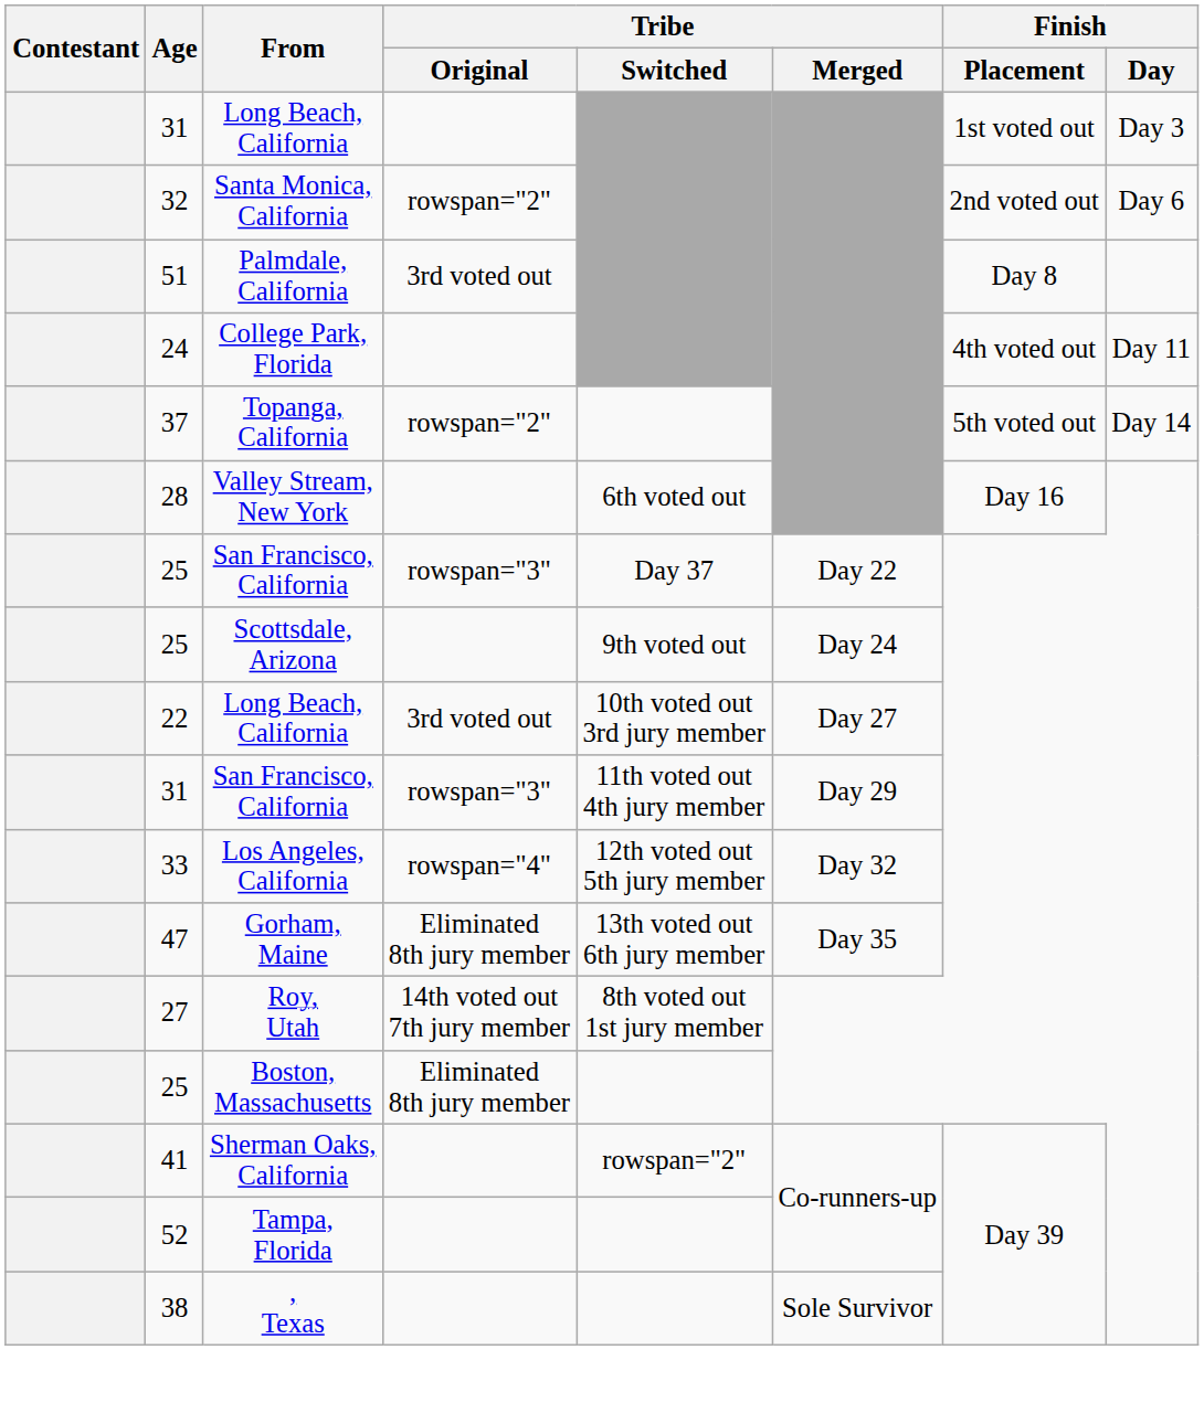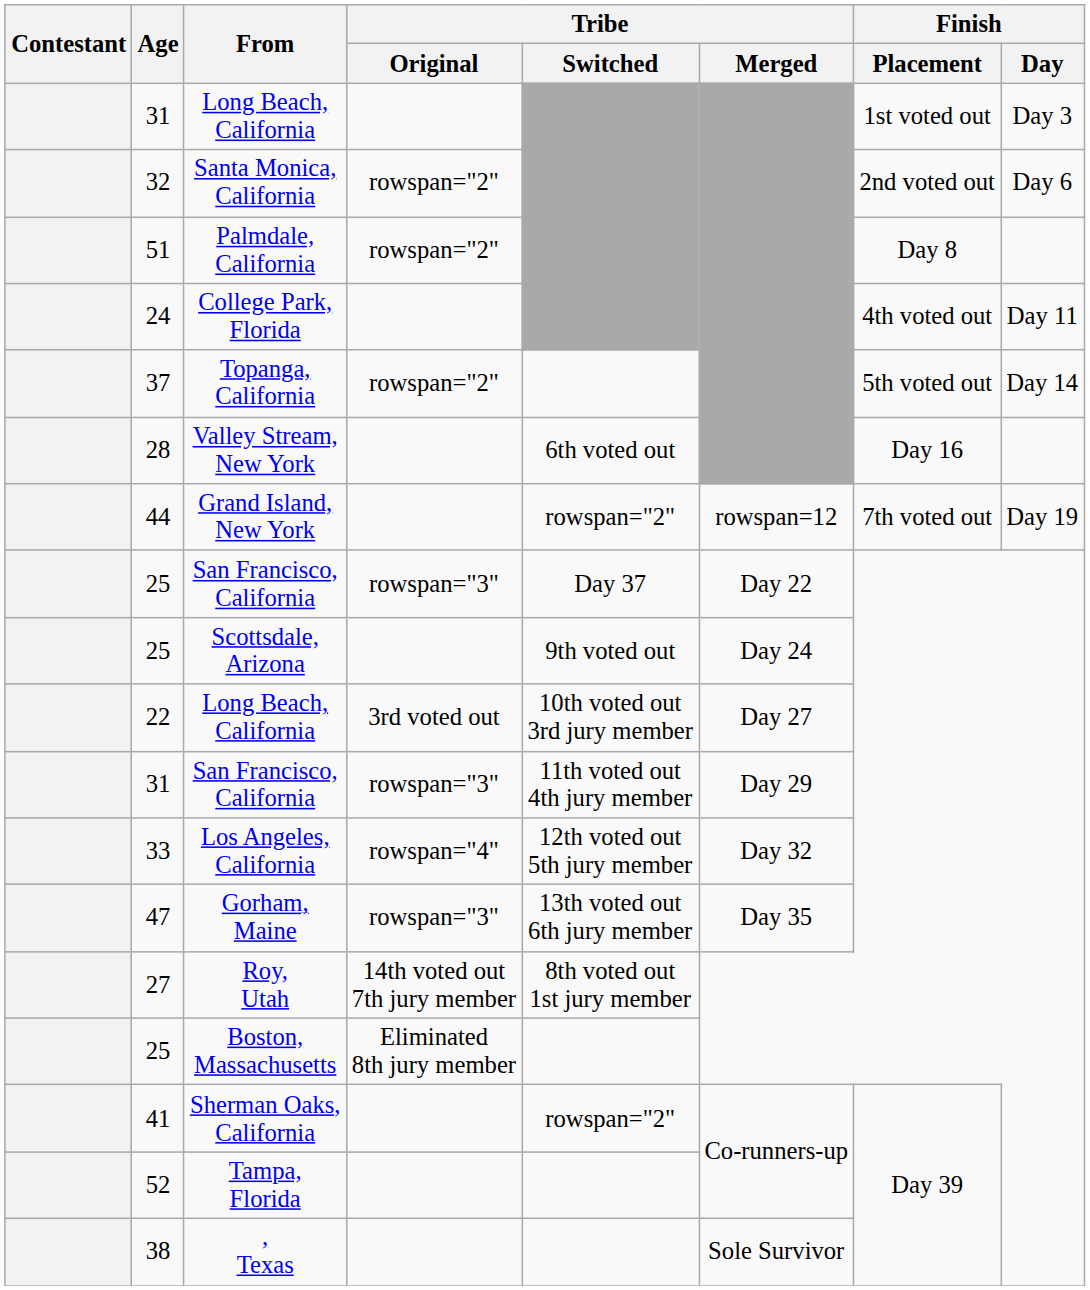 <table class="wikitable sortable" style="margin:auto; text-align:center">
 <tr>
 <th rowspan="2" scope="col">Contestant</th>
 <th rowspan="2" scope="col">Age</th>
 <th rowspan="2" scope="col" class=unsortable>From</th>
 <th colspan="3" scope="colgroup">Tribe</th>
 <th colspan="2" scope="colgroup">Finish</th>
 </tr>
 <tr>
 <th scope="col">Original</th>
 <th scope="col">Switched</th>
 <th scope="col" class=unsortable>Merged</th>
 <th scope="col" class=unsortable>Placement</th>
 <th scope="col" class=unsortable>Day</th>
 </tr>
 <tr>
 <th scope="row" style=text-align:left></th>
 <td>31</td>
 <td><a href='#'>Long Beach,<br>California</a></td>
 <td></td>
 <td style="background:darkgrey;" rowspan="4"></td>
 <td style="background:darkgrey;" rowspan="6"></td>
 <td>1st voted out</td>
 <td>Day 3</td>
 </tr>
 <tr>
 <th scope="row" style=text-align:left></th>
 <td>32</td>
 <td><a href='#'>Santa Monica,<br>California</a></td>
 <td>rowspan="2" </td>
 <td>2nd voted out</td>
 <td>Day 6</td>
 </tr>
 <tr>
 <th scope="row" style=text-align:left></th>
 <td>51</td>
 <td><a href='#'>Palmdale,<br>California</a></td>
-<td>3rd voted out</td>
+<td>rowspan="2" </td>
 <td>Day 8</td>
 </tr>
 <tr>
 <th scope="row" style=text-align:left></th>
 <td>24</td>
 <td><a href='#'>College Park,<br>Florida</a></td>
 <td></td>
 <td>4th voted out</td>
 <td>Day 11</td>
 </tr>
 <tr>
 <th scope="row" style=text-align:left></th>
 <td>37</td>
 <td><a href='#'>Topanga,<br>California</a></td>
 <td>rowspan="2" </td>
 <td></td>
 <td>5th voted out</td>
 <td>Day 14</td>
 </tr>
 <tr>
 <th scope="row" style=text-align:left></th>
 <td>28</td>
 <td><a href='#'>Valley Stream,<br>New York</a></td>
 <td></td>
 <td>6th voted out</td>
 <td>Day 16</td>
+</tr>
+<tr>
+<th scope="row" style=text-align:left></th>
+<td>44</td>
+<td><a href='#'>Grand Island,<br>New York</a></td>
+<td></td>
+<td>rowspan="2" </td>
+<td>rowspan=12 </td>
+<td>7th voted out</td>
+<td>Day 19</td>
 </tr>
 <tr>
 <th scope="row" style=text-align:left></th>
 <td>25</td>
 <td><a href='#'>San Francisco,<br>California</a></td>
 <td>rowspan="3" </td>
 <td>Day 37</td>
 <td>Day 22</td>
 </tr>
 <tr>
 <th scope="row" style=text-align:left></th>
 <td>25</td>
 <td><a href='#'>Scottsdale,<br>Arizona</a></td>
 <td></td>
 <td>9th voted out<br></td>
 <td>Day 24</td>
 </tr>
 <tr>
 <th scope="row" style=text-align:left></th>
 <td>22</td>
 <td><a href='#'>Long Beach,<br>California</a></td>
 <td>3rd voted out</td>
 <td>10th voted out<br>3rd jury member</td>
 <td>Day 27</td>
 </tr>
 <tr>
 <th scope="row" style=text-align:left></th>
 <td>31</td>
 <td><a href='#'>San Francisco,<br>California</a></td>
 <td>rowspan="3" </td>
 <td>11th voted out<br>4th jury member</td>
 <td>Day 29</td>
 </tr>
 <tr>
 <th scope="row" style=text-align:left></th>
 <td>33</td>
 <td><a href='#'>Los Angeles,<br>California</a></td>
 <td>rowspan="4" </td>
 <td>12th voted out<br>5th jury member</td>
 <td>Day 32</td>
 </tr>
 <tr>
 <th scope="row" style=text-align:left></th>
 <td>47</td>
 <td><a href='#'>Gorham,<br>Maine</a></td>
-<td>Eliminated<br>8th jury member</td>
+<td>rowspan="3" </td>
 <td>13th voted out<br>6th jury member</td>
 <td>Day 35</td>
 </tr>
 <tr>
 <th scope="row" style=text-align:left></th>
 <td>27</td>
 <td><a href='#'>Roy,<br>Utah</a></td>
 <td>14th voted out<br>7th jury member</td>
 <td>8th voted out<br>1st jury member</td>
 </tr>
 <tr>
 <th scope="row" style=text-align:left></th>
 <td>25</td>
 <td><a href='#'>Boston,<br>Massachusetts</a></td>
 <td>Eliminated<br>8th jury member</td>
 <td></td>
 </tr>
 <tr>
 <th scope="row" style=text-align:left></th>
 <td>41</td>
 <td><a href='#'>Sherman Oaks,<br> California</a></td>
 <td></td>
 <td>rowspan="2" </td>
 <td rowspan="2">Co-runners-up</td>
 <td rowspan="3">Day 39</td>
 </tr>
 <tr>
 <th scope="row" style=text-align:left></th>
 <td>52</td>
 <td><a href='#'>Tampa,<br>Florida</a></td>
 <td></td>
 </tr>
 <tr>
 <th scope="row" style=text-align:left></th>
 <td>38</td>
 <td><a href='#'>,<br>Texas</a></td>
 <td></td>
 <td></td>
 <td>Sole Survivor</td>
 </tr>
 </table>
